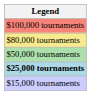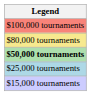 <table class=wikitable style="font-size:85%">
 <tr>
 <th>Legend</th>
 </tr>
 <tr style="background:#f88379;">
 <td>$100,000 tournaments</td>
 </tr>
 <tr style="background:#f7e98e;">
 <td>$80,000 tournaments</td>
 </tr>
 <tr style="background:#addfad;">
-<td>$50,000 tournaments</td>
+<td><strong>$50,000 tournaments</strong></td>
 </tr>
 <tr style="background:lightblue;">
-<td><strong>$25,000 tournaments</strong></td>
+<td>$25,000 tournaments</td>
 </tr>
 <tr style="background:#ccccff;">
 <td>$15,000 tournaments</td>
 </tr>
 </table>
